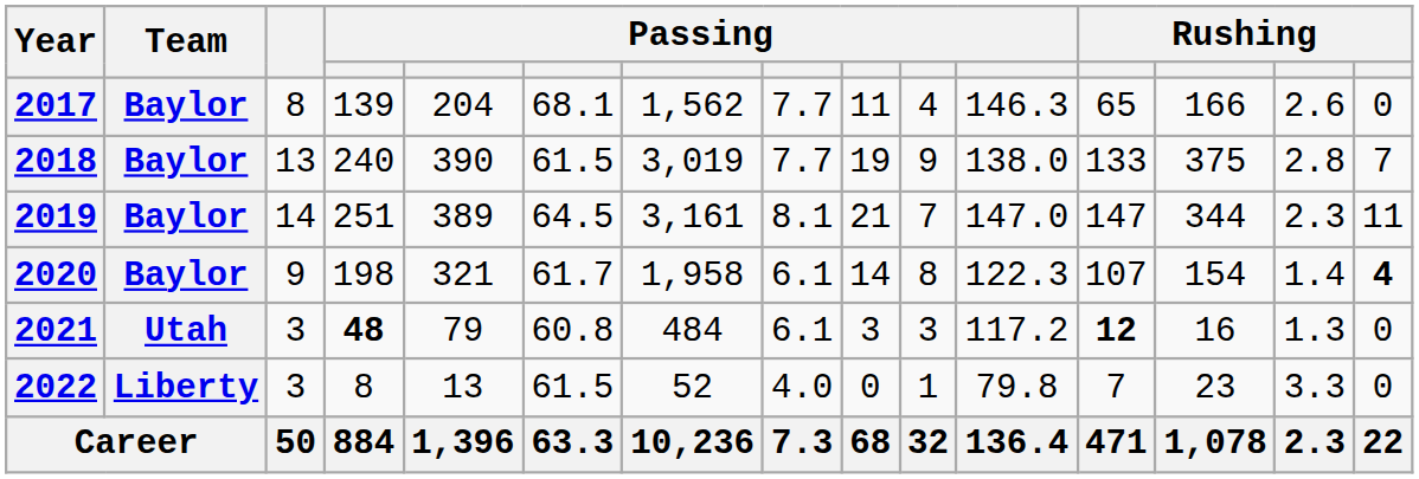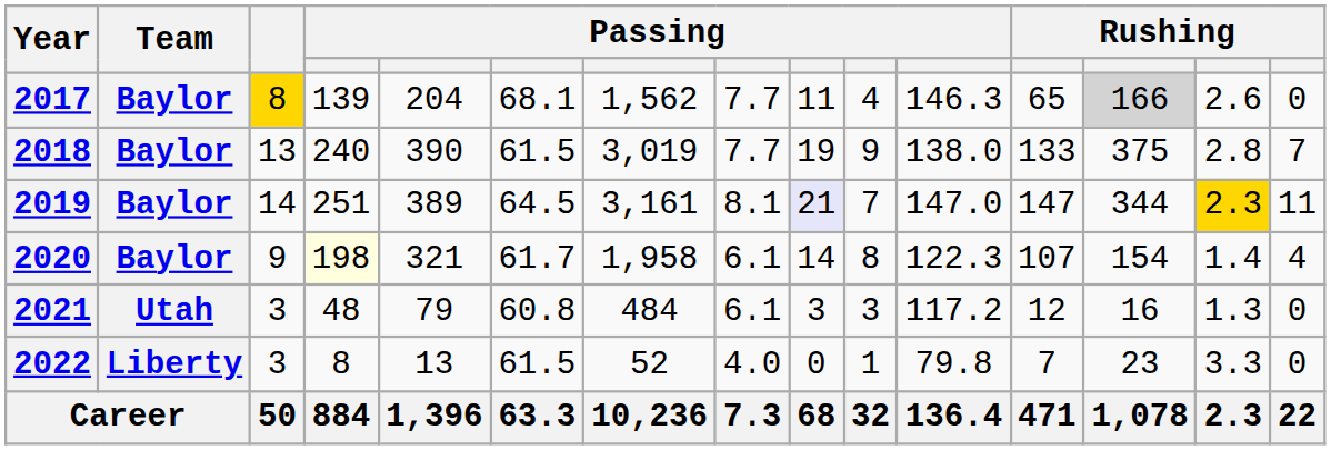 <table class="wikitable" style="text-align:center;">
 <tr>
 <th rowspan="2">Year</th>
 <th rowspan="2">Team</th>
 <th rowspan="2"></th>
 <th colspan="8">Passing</th>
 <th colspan="4">Rushing</th>
 </tr>
 <tr>
 <th></th>
 <th></th>
 <th></th>
 <th></th>
 <th></th>
 <th></th>
 <th></th>
 <th></th>
 <th></th>
 <th></th>
 <th></th>
 <th></th>
 </tr>
 <tr>
 <th><a href='#'>2017</a></th>
 <th><a href='#'>Baylor</a></th>
-<td>8</td>
+<td style="background: gold;">8</td>
 <td>139</td>
 <td>204</td>
 <td>68.1</td>
 <td>1,562</td>
 <td>7.7</td>
 <td>11</td>
 <td>4</td>
 <td>146.3</td>
 <td>65</td>
-<td>166</td>
+<td style="background: lightgrey;">166</td>
 <td>2.6</td>
 <td>0</td>
 </tr>
 <tr>
 <th><a href='#'>2018</a></th>
 <th><a href='#'>Baylor</a></th>
 <td>13</td>
 <td>240</td>
 <td>390</td>
 <td>61.5</td>
 <td>3,019</td>
 <td>7.7</td>
 <td>19</td>
 <td>9</td>
 <td>138.0</td>
 <td>133</td>
 <td>375</td>
 <td>2.8</td>
 <td>7</td>
 </tr>
 <tr>
 <th><a href='#'>2019</a></th>
 <th><a href='#'>Baylor</a></th>
 <td>14</td>
 <td>251</td>
 <td>389</td>
 <td>64.5</td>
 <td>3,161</td>
 <td>8.1</td>
-<td>21</td>
+<td style="background: lavender;">21</td>
 <td>7</td>
 <td>147.0</td>
 <td>147</td>
 <td>344</td>
-<td>2.3</td>
+<td style="background: gold;">2.3</td>
 <td>11</td>
 </tr>
 <tr>
 <th><a href='#'>2020</a></th>
 <th><a href='#'>Baylor</a></th>
 <td>9</td>
-<td>198</td>
+<td style="background: lightyellow;">198</td>
 <td>321</td>
 <td>61.7</td>
 <td>1,958</td>
 <td>6.1</td>
 <td>14</td>
 <td>8</td>
 <td>122.3</td>
 <td>107</td>
 <td>154</td>
 <td>1.4</td>
-<td><strong>4</strong></td>
+<td>4</td>
 </tr>
 <tr>
 <th><a href='#'>2021</a></th>
 <th><a href='#'>Utah</a></th>
 <td>3</td>
-<td><strong>48</strong></td>
+<td>48</td>
 <td>79</td>
 <td>60.8</td>
 <td>484</td>
 <td>6.1</td>
 <td>3</td>
 <td>3</td>
 <td>117.2</td>
-<td><strong>12</strong></td>
+<td>12</td>
 <td>16</td>
 <td>1.3</td>
 <td>0</td>
 </tr>
 <tr>
 <th><a href='#'>2022</a></th>
 <th><a href='#'>Liberty</a></th>
 <td>3</td>
 <td>8</td>
 <td>13</td>
 <td>61.5</td>
 <td>52</td>
 <td>4.0</td>
 <td>0</td>
 <td>1</td>
 <td>79.8</td>
 <td>7</td>
 <td>23</td>
 <td>3.3</td>
 <td>0</td>
 </tr>
 <tr class="sortbottom" style="background:#eee;">
 <th colspan="2"><strong>Career</strong></th>
 <th>50</th>
 <th>884</th>
 <th>1,396</th>
 <th>63.3</th>
 <th>10,236</th>
 <th>7.3</th>
 <th>68</th>
 <th>32</th>
 <th>136.4</th>
 <th>471</th>
 <th>1,078</th>
 <th>2.3</th>
 <th>22</th>
 </tr>
 </table>
